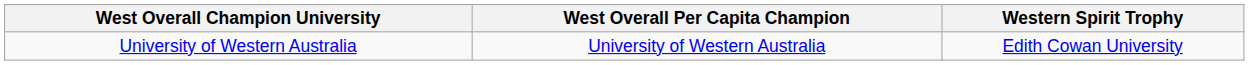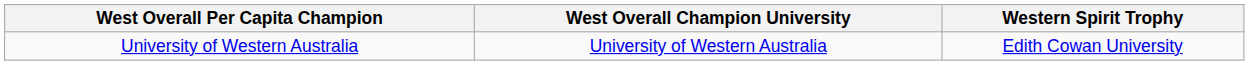 <table class="wikitable unsortable" style="width:90%; font-size:100%; text-align:center;">
 <tr>
+<th><strong>West Overall Per Capita Champion</strong></th>
 <th><strong>West Overall Champion University</strong></th>
-<th><strong>West Overall Per Capita Champion</strong></th>
 <th><strong>Western Spirit Trophy</strong></th>
 </tr>
 <tr>
 <td><a href='#'>University of Western Australia</a></td>
 <td><a href='#'>University of Western Australia</a></td>
 <td><a href='#'>Edith Cowan University</a></td>
 </tr>
 </table>
